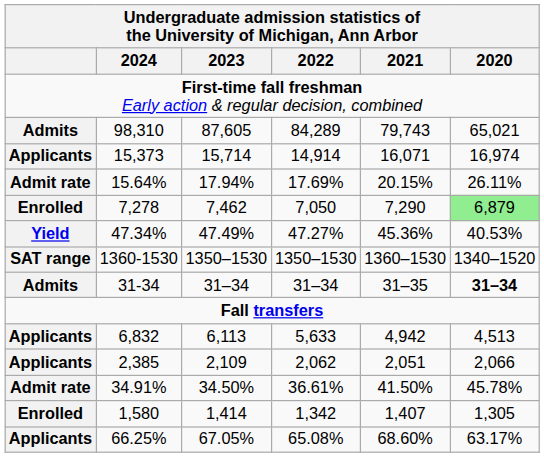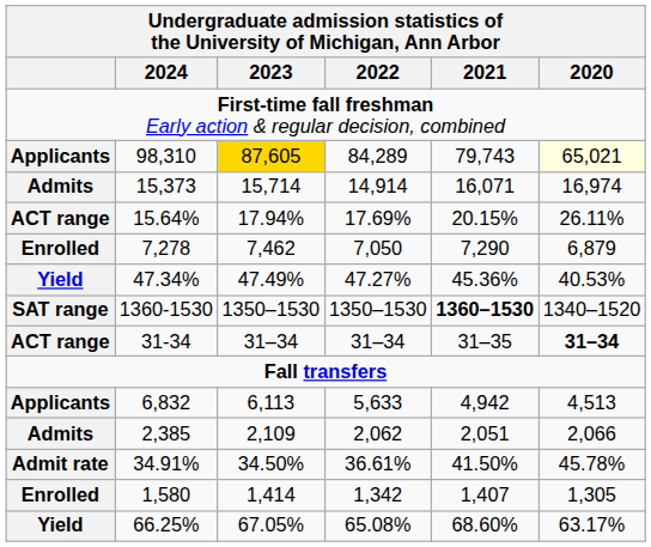 <table class="wikitable" style="float:right; font-size:85%; margin:10px">
 <tr>
 <th colspan="10">Undergraduate admission statistics of <br>the University of Michigan, Ann Arbor</th>
 </tr>
 <tr>
 <th> </th>
 <th>2024</th>
 <th>2023</th>
 <th>2022</th>
 <th>2021</th>
 <th>2020</th>
 </tr>
 <tr>
 <td colspan=6 style="text-align: center"><strong>First-time fall freshman</strong><br><em><a href='#'>Early action</a> & regular decision, combined</em></td>
 </tr>
 <tr style="text-align:center;">
-<th>Admits</th>
+<th>Applicants</th>
 <td>98,310</td>
-<td>87,605</td>
+<td style="background: gold;">87,605</td>
 <td>84,289</td>
 <td>79,743</td>
-<td>65,021</td>
+<td style="background: lightyellow;">65,021</td>
 </tr>
 <tr style="text-align:center;">
-<th>Applicants</th>
+<th>Admits</th>
 <td>15,373</td>
 <td>15,714</td>
 <td>14,914</td>
 <td>16,071</td>
 <td>16,974</td>
 </tr>
 <tr style="text-align:center;">
-<th>Admit rate</th>
+<th>ACT range</th>
 <td>15.64%</td>
 <td>17.94%</td>
 <td>17.69%</td>
 <td>20.15%</td>
 <td>26.11%</td>
 </tr>
 <tr style="text-align:center;">
 <th>Enrolled</th>
 <td>7,278</td>
 <td>7,462</td>
 <td>7,050</td>
 <td>7,290</td>
-<td style="background: lightgreen;">6,879</td>
+<td>6,879</td>
 </tr>
 <tr style="text-align:center;">
 <th><a href='#'>Yield</a></th>
 <td>47.34%</td>
 <td>47.49%</td>
 <td>47.27%</td>
 <td>45.36%</td>
 <td>40.53%</td>
 </tr>
 <tr style="text-align:center;">
 <th>SAT range</th>
 <td>1360-1530</td>
 <td>1350–1530</td>
 <td>1350–1530</td>
-<td>1360–1530</td>
+<td><strong>1360–1530</strong></td>
 <td>1340–1520</td>
 </tr>
 <tr style="text-align:center;">
-<th>Admits</th>
+<th>ACT range</th>
 <td>31-34</td>
 <td>31–34</td>
 <td>31–34</td>
 <td>31–35</td>
 <td><strong>31–34</strong></td>
 </tr>
 <tr>
 <td colspan=6 style="text-align: center"><strong>Fall <a href='#'>transfers</a></strong></td>
 </tr>
 <tr style="text-align:center;">
 <th>Applicants</th>
 <td>6,832</td>
 <td>6,113</td>
 <td>5,633</td>
 <td>4,942</td>
 <td>4,513</td>
 </tr>
 <tr style="text-align:center;">
-<th>Applicants</th>
+<th>Admits</th>
 <td>2,385</td>
 <td>2,109</td>
 <td>2,062</td>
 <td>2,051</td>
 <td>2,066</td>
 </tr>
 <tr style="text-align:center;">
 <th>Admit rate</th>
 <td>34.91%</td>
 <td>34.50%</td>
 <td>36.61%</td>
 <td>41.50%</td>
 <td>45.78%</td>
 </tr>
 <tr style="text-align:center;">
 <th>Enrolled</th>
 <td>1,580</td>
 <td>1,414</td>
 <td>1,342</td>
 <td>1,407</td>
 <td>1,305</td>
 </tr>
 <tr style="text-align:center;">
-<th>Applicants</th>
+<th>Yield</th>
 <td>66.25%</td>
 <td>67.05%</td>
 <td>65.08%</td>
 <td>68.60%</td>
 <td>63.17%</td>
 </tr>
 </table>
